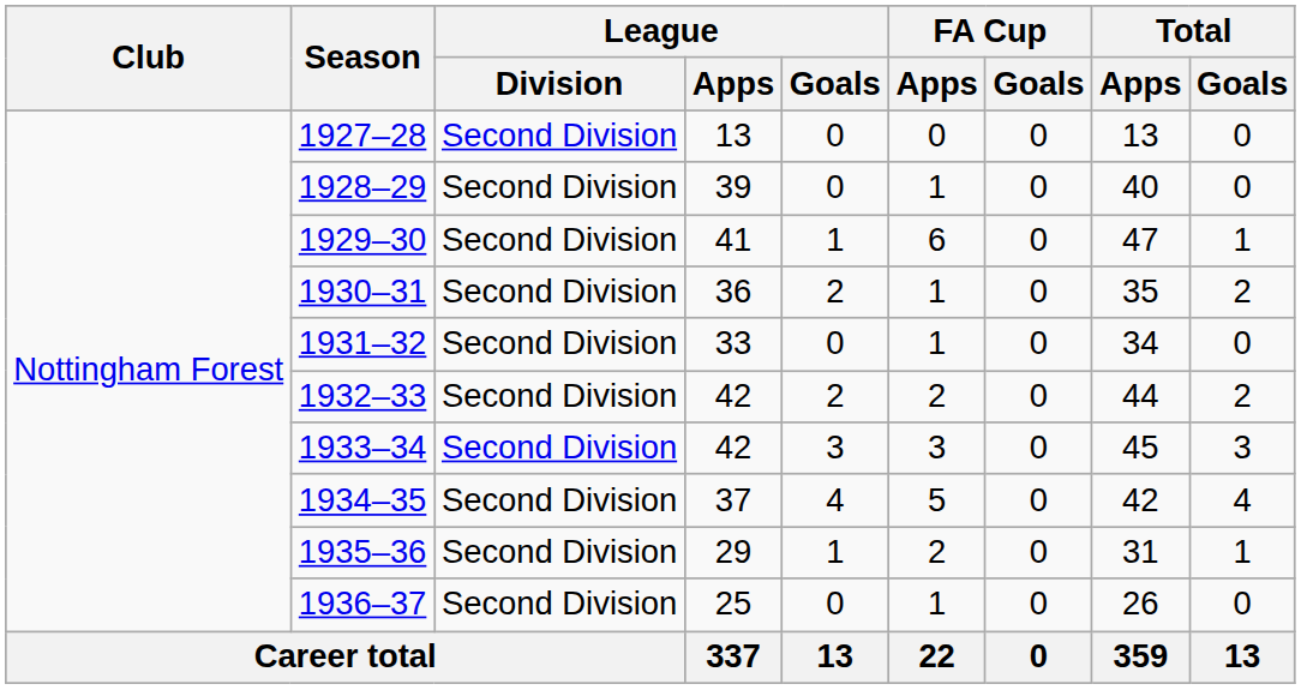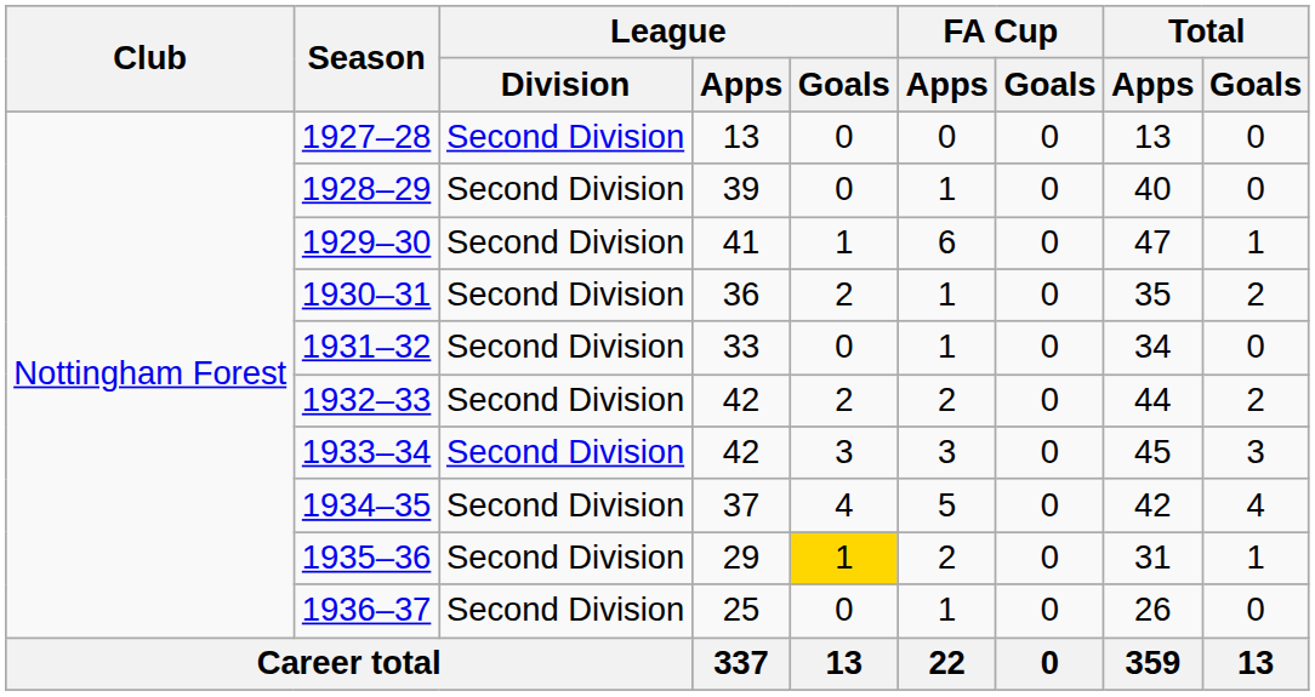 <table class="wikitable" style="text-align: center;">
 <tr>
 <th rowspan="2">Club</th>
 <th rowspan="2">Season</th>
 <th colspan="3">League</th>
 <th colspan="2">FA Cup</th>
 <th colspan="2">Total</th>
 </tr>
 <tr>
 <th>Division</th>
 <th>Apps</th>
 <th>Goals</th>
 <th>Apps</th>
 <th>Goals</th>
 <th>Apps</th>
 <th>Goals</th>
 </tr>
 <tr>
 <td rowspan="10"><a href='#'>Nottingham Forest</a></td>
 <td><a href='#'>1927–28</a></td>
 <td><a href='#'>Second Division</a></td>
 <td>13</td>
 <td>0</td>
 <td>0</td>
 <td 0>0</td>
 <td>13</td>
 <td>0</td>
 </tr>
 <tr>
 <td><a href='#'>1928–29</a></td>
 <td>Second Division</td>
 <td>39</td>
 <td>0</td>
 <td>1</td>
 <td 0>0</td>
 <td>40</td>
 <td>0</td>
 </tr>
 <tr>
 <td><a href='#'>1929–30</a></td>
 <td>Second Division</td>
 <td>41</td>
 <td>1</td>
 <td>6</td>
 <td 0>0</td>
 <td>47</td>
 <td>1</td>
 </tr>
 <tr>
 <td><a href='#'>1930–31</a></td>
 <td>Second Division</td>
 <td>36</td>
 <td>2</td>
 <td>1</td>
 <td 0>0</td>
 <td>35</td>
 <td>2</td>
 </tr>
 <tr>
 <td><a href='#'>1931–32</a></td>
 <td>Second Division</td>
 <td>33</td>
 <td>0</td>
 <td>1</td>
 <td 0>0</td>
 <td>34</td>
 <td>0</td>
 </tr>
 <tr>
 <td><a href='#'>1932–33</a></td>
 <td>Second Division</td>
 <td>42</td>
 <td>2</td>
 <td>2</td>
 <td>0</td>
 <td>44</td>
 <td>2</td>
 </tr>
 <tr>
 <td><a href='#'>1933–34</a></td>
 <td><a href='#'>Second Division</a></td>
 <td>42</td>
 <td>3</td>
 <td>3</td>
 <td>0</td>
 <td>45</td>
 <td>3</td>
 </tr>
 <tr>
 <td><a href='#'>1934–35</a></td>
 <td>Second Division</td>
 <td>37</td>
 <td>4</td>
 <td>5</td>
 <td>0</td>
 <td>42</td>
 <td>4</td>
 </tr>
 <tr>
 <td><a href='#'>1935–36</a></td>
 <td>Second Division</td>
 <td>29</td>
-<td>1</td>
+<td style="background: gold;">1</td>
 <td>2</td>
 <td>0</td>
 <td>31</td>
 <td>1</td>
 </tr>
 <tr>
 <td><a href='#'>1936–37</a></td>
 <td>Second Division</td>
 <td>25</td>
 <td>0</td>
 <td>1</td>
 <td>0</td>
 <td>26</td>
 <td>0</td>
 </tr>
 <tr>
 <th colspan="3">Career total</th>
 <th>337</th>
 <th>13</th>
 <th>22</th>
 <th>0</th>
 <th>359</th>
 <th>13</th>
 </tr>
 </table>
